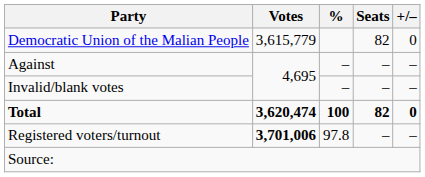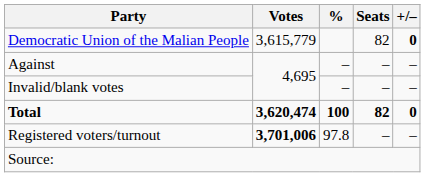 <table class=wikitable style=text-align:right>
 <tr>
 <th>Party</th>
 <th>Votes</th>
 <th>%</th>
 <th>Seats</th>
 <th>+/–</th>
 </tr>
 <tr>
 <td align=left><a href='#'>Democratic Union of the Malian People</a></td>
 <td>3,615,779</td>
 <td></td>
 <td>82</td>
-<td>0</td>
+<td><strong>0</strong></td>
 </tr>
 <tr>
 <td align=left>Against</td>
 <td rowspan=2>4,695</td>
 <td>–</td>
 <td>–</td>
 <td>–</td>
 </tr>
 <tr>
 <td align=left>Invalid/blank votes</td>
 <td>–</td>
 <td>–</td>
 <td>–</td>
 </tr>
 <tr>
 <td align=left><strong>Total</strong></td>
 <td><strong>3,620,474</strong></td>
 <td><strong>100</strong></td>
 <td><strong>82</strong></td>
 <td><strong>0</strong></td>
 </tr>
 <tr>
 <td align=left>Registered voters/turnout</td>
 <td><strong>3,701,006</strong></td>
 <td>97.8</td>
 <td>–</td>
 <td>–</td>
 </tr>
 <tr>
 <td align=left colspan=5>Source: </td>
 </tr>
 </table>
